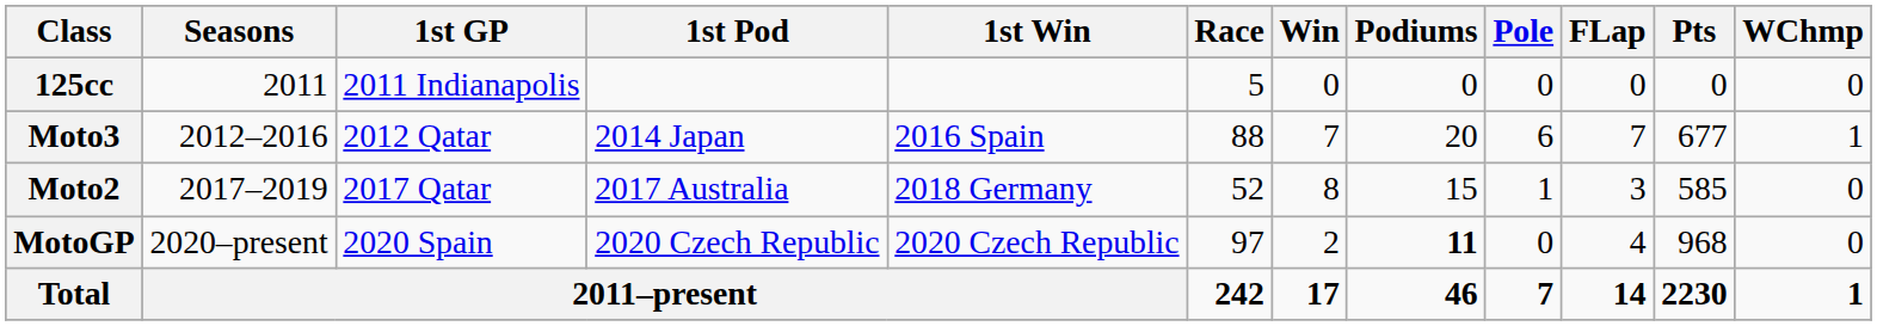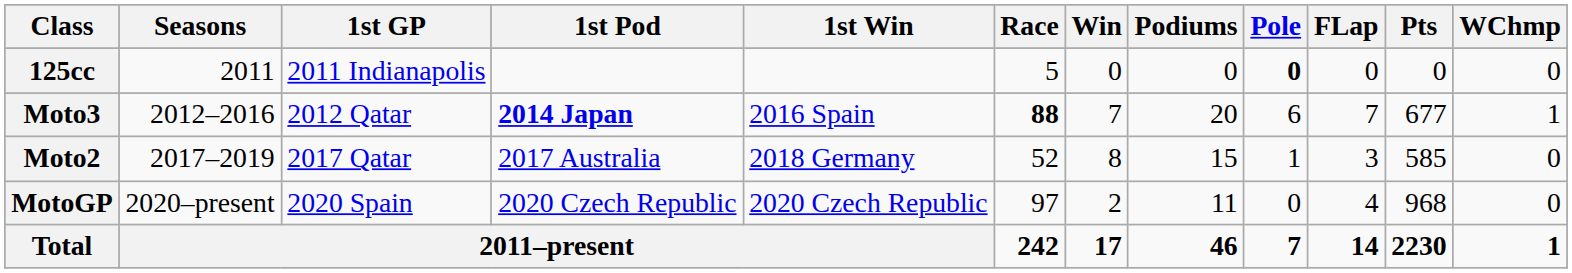 <table class="wikitable" style=text-align:right;">
 <tr>
 <th>Class</th>
 <th>Seasons</th>
 <th>1st GP</th>
 <th>1st Pod</th>
 <th>1st Win</th>
 <th>Race</th>
 <th>Win</th>
 <th>Podiums</th>
 <th><a href='#'>Pole</a></th>
 <th>FLap</th>
 <th>Pts</th>
 <th>WChmp</th>
 </tr>
 <tr>
 <th>125cc</th>
 <td>2011</td>
 <td style="text-align:left;"><a href='#'>2011 Indianapolis</a></td>
 <td style="text-align:left;"></td>
 <td style="text-align:left;"></td>
 <td>5</td>
 <td>0</td>
 <td>0</td>
-<td>0</td>
+<td><strong>0</strong></td>
 <td>0</td>
 <td>0</td>
 <td>0</td>
 </tr>
 <tr>
 <th>Moto3</th>
 <td>2012–2016</td>
 <td style="text-align:left;"><a href='#'>2012 Qatar</a></td>
-<td style="text-align:left;"><a href='#'>2014 Japan</a></td>
+<td style="text-align:left;"><strong><a href='#'>2014 Japan</a></strong></td>
 <td style="text-align:left;"><a href='#'>2016 Spain</a></td>
-<td>88</td>
+<td><strong>88</strong></td>
 <td>7</td>
 <td>20</td>
 <td>6</td>
 <td>7</td>
 <td>677</td>
 <td>1</td>
 </tr>
 <tr>
 <th>Moto2</th>
 <td>2017–2019</td>
 <td style="text-align:left;"><a href='#'>2017 Qatar</a></td>
 <td style="text-align:left;"><a href='#'>2017 Australia</a></td>
 <td style="text-align:left;"><a href='#'>2018 Germany</a></td>
 <td>52</td>
 <td>8</td>
 <td>15</td>
 <td>1</td>
 <td>3</td>
 <td>585</td>
 <td>0</td>
 </tr>
 <tr>
 <th>MotoGP</th>
 <td>2020–present</td>
 <td style="text-align:left;"><a href='#'>2020 Spain</a></td>
 <td style="text-align:left;"><a href='#'>2020 Czech Republic</a></td>
 <td style="text-align:left;"><a href='#'>2020 Czech Republic</a></td>
 <td>97</td>
 <td>2</td>
-<td><strong>11</strong></td>
+<td>11</td>
 <td>0</td>
 <td>4</td>
 <td>968</td>
 <td>0</td>
 </tr>
 <tr>
 <th>Total</th>
 <th colspan="4">2011–present</th>
 <td><strong>242</strong></td>
 <td><strong>17</strong></td>
 <td><strong>46</strong></td>
 <td><strong>7</strong></td>
 <td><strong>14</strong></td>
 <td><strong>2230</strong></td>
 <td><strong>1</strong></td>
 </tr>
 </table>
